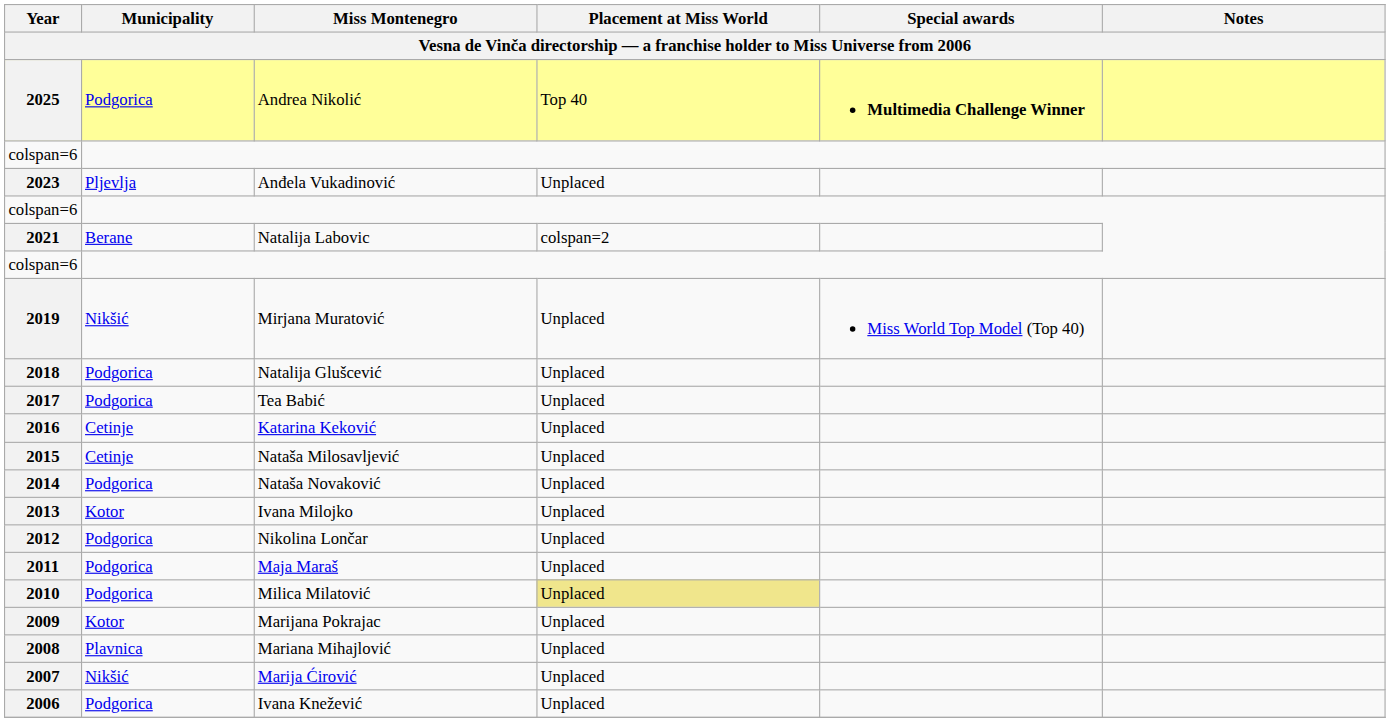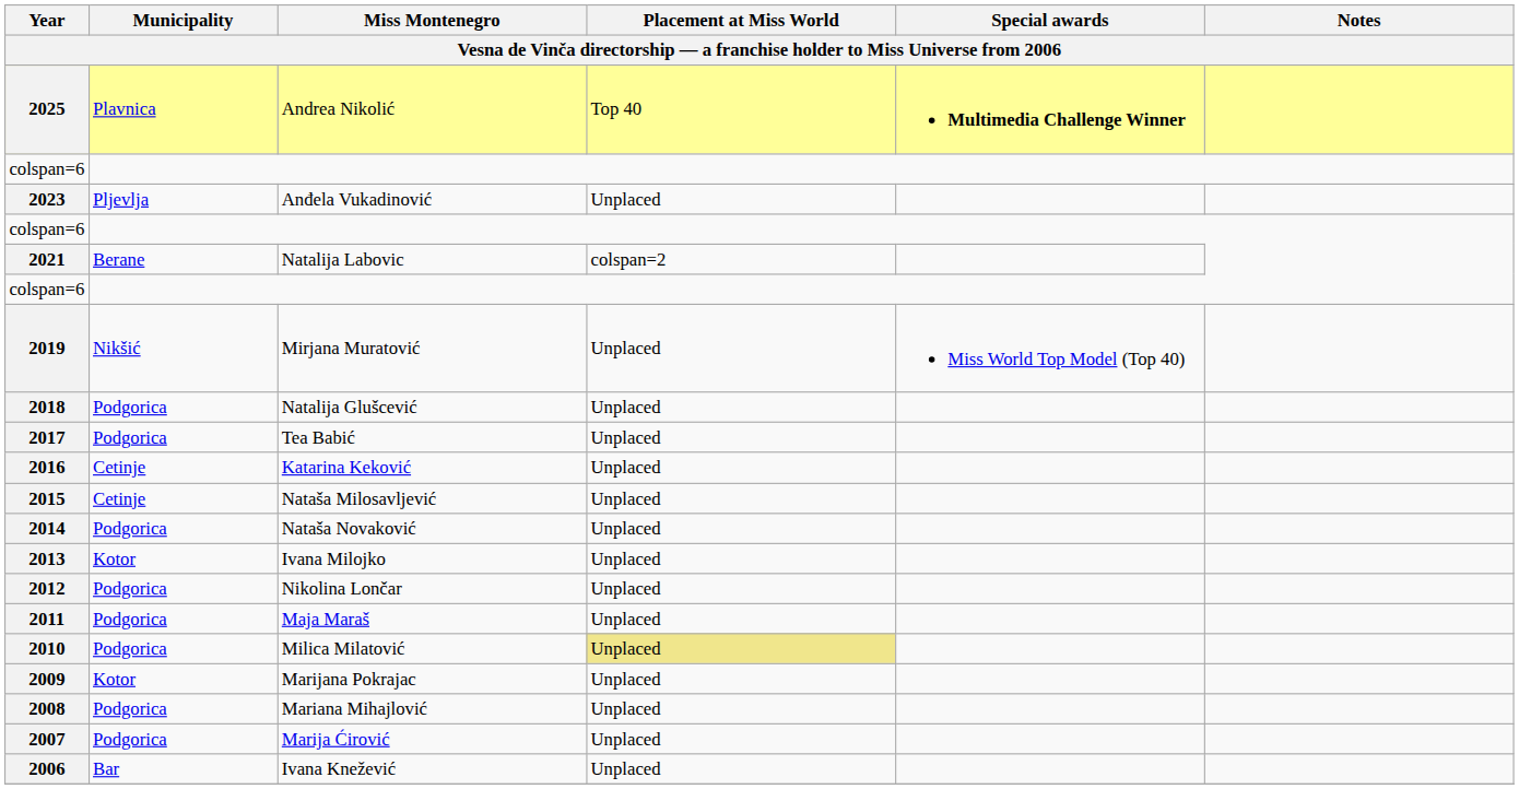 <table class="wikitable " style="font-size: 95%;">
 <tr>
 <th width="60">Year</th>
 <th width="150">Municipality</th>
 <th width="250">Miss Montenegro</th>
 <th width="250">Placement at Miss World</th>
 <th width="250">Special awards</th>
 <th width="250">Notes</th>
 </tr>
 <tr>
 <th colspan="6">Vesna de Vinča directorship — a franchise holder to Miss Universe from 2006</th>
 </tr>
 <tr style="background-color:#FFFF99;">
 <th>2025</th>
-<td><a href='#'>Podgorica</a></td>
+<td><a href='#'>Plavnica</a></td>
 <td>Andrea Nikolić</td>
 <td>Top 40</td>
 <td><br><ul><li><strong>Multimedia Challenge Winner</strong></li></ul></td>
 <td></td>
 </tr>
 <tr>
 <td>colspan=6 </td>
 </tr>
 <tr>
 <th>2023</th>
 <td><a href='#'>Pljevlja</a></td>
 <td>Anđela Vukadinović</td>
 <td>Unplaced</td>
 <td></td>
 <td></td>
 </tr>
 <tr>
 <td>colspan=6 </td>
 </tr>
 <tr>
 <th>2021</th>
 <td><a href='#'>Berane</a></td>
 <td>Natalija Labovic</td>
 <td>colspan=2 </td>
 <td></td>
 </tr>
 <tr>
 <td>colspan=6 </td>
 </tr>
 <tr>
 <th>2019</th>
 <td><a href='#'>Nikšić</a></td>
 <td>Mirjana Muratović</td>
 <td>Unplaced</td>
 <td align="left"><br><ul><li><a href='#'>Miss World Top Model</a> (Top 40)</li></ul></td>
 <td></td>
 </tr>
 <tr>
 <th>2018</th>
 <td><a href='#'>Podgorica</a></td>
 <td>Natalija Glušcević</td>
 <td>Unplaced</td>
 <td></td>
 <td></td>
 </tr>
 <tr>
 <th>2017</th>
 <td><a href='#'>Podgorica</a></td>
 <td>Tea Babić</td>
 <td>Unplaced</td>
 <td></td>
 <td></td>
 </tr>
 <tr>
 <th>2016</th>
 <td><a href='#'>Cetinje</a></td>
 <td><a href='#'>Katarina Keković</a></td>
 <td>Unplaced</td>
 <td></td>
 <td></td>
 </tr>
 <tr>
 <th>2015</th>
 <td><a href='#'>Cetinje</a></td>
 <td>Nataša Milosavljević</td>
 <td>Unplaced</td>
 <td></td>
 <td></td>
 </tr>
 <tr>
 <th>2014</th>
 <td><a href='#'>Podgorica</a></td>
 <td>Nataša Novaković</td>
 <td>Unplaced</td>
 <td></td>
 <td></td>
 </tr>
 <tr>
 <th>2013</th>
 <td><a href='#'>Kotor</a></td>
 <td>Ivana Milojko</td>
 <td>Unplaced</td>
 <td></td>
 <td></td>
 </tr>
 <tr>
 <th>2012</th>
 <td><a href='#'>Podgorica</a></td>
 <td>Nikolina Lončar</td>
 <td>Unplaced</td>
 <td></td>
 <td></td>
 </tr>
 <tr>
 <th>2011</th>
 <td><a href='#'>Podgorica</a></td>
 <td><a href='#'>Maja Maraš</a></td>
 <td>Unplaced</td>
 <td></td>
 <td></td>
 </tr>
 <tr>
 <th>2010</th>
 <td><a href='#'>Podgorica</a></td>
 <td>Milica Milatović</td>
 <td style="background: khaki;">Unplaced</td>
 <td></td>
 <td></td>
 </tr>
 <tr>
 <th>2009</th>
 <td><a href='#'>Kotor</a></td>
 <td>Marijana Pokrajac</td>
 <td>Unplaced</td>
 <td></td>
 <td></td>
 </tr>
 <tr>
 <th>2008</th>
-<td><a href='#'>Plavnica</a></td>
+<td><a href='#'>Podgorica</a></td>
 <td>Mariana Mihajlović</td>
 <td>Unplaced</td>
 <td></td>
 <td></td>
 </tr>
 <tr>
 <th>2007</th>
-<td><a href='#'>Nikšić</a></td>
+<td><a href='#'>Podgorica</a></td>
 <td><a href='#'>Marija Ćirović</a></td>
 <td>Unplaced</td>
 <td></td>
 <td></td>
 </tr>
 <tr>
 <th>2006</th>
-<td><a href='#'>Podgorica</a></td>
+<td><a href='#'>Bar</a></td>
 <td>Ivana Knežević</td>
 <td>Unplaced</td>
 <td></td>
 <td></td>
 </tr>
 <tr>
 </tr>
 </table>
